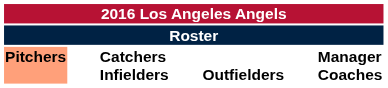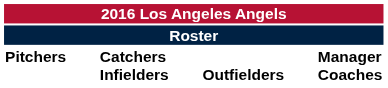 <table class="toccolours" style="font-size: 95%;">
 <tr>
 <th colspan="10" style="background-color: #B71234; color: white; text-align: center;">2016 Los Angeles Angels</th>
 </tr>
 <tr>
 <td colspan="10" style="background-color:#002244; color: white; text-align: center;"><strong>Roster</strong></td>
 </tr>
 <tr>
-<td valign="top" style="background: lightsalmon;"><strong>Pitchers</strong><br>                             </td>
+<td valign="top"><strong>Pitchers</strong><br>                             </td>
 <td width="25px"></td>
 <td valign="top"><strong>Catchers</strong><br>    <strong>Infielders</strong>           </td>
 <td width="25px"></td>
 <td valign="top"><br><strong>Outfielders</strong>        </td>
 <td width="25px"></td>
 <td valign="top"><strong>Manager</strong><br> <strong>Coaches</strong>                      </td>
 </tr>
 </table>
